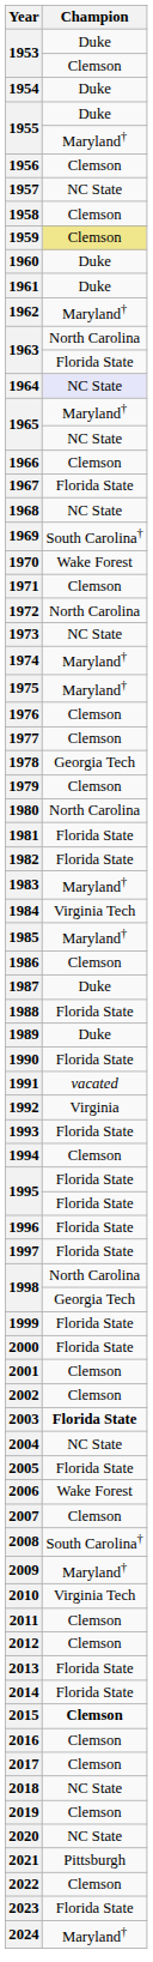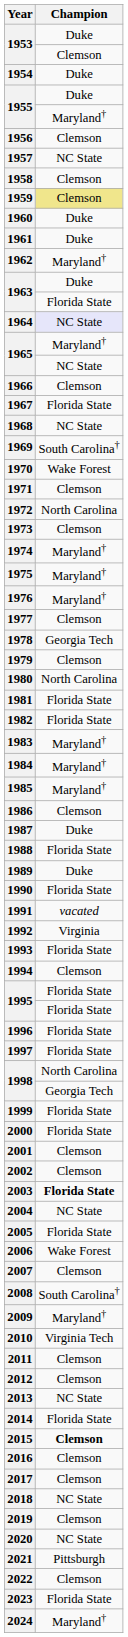 <table class="wikitable" style="text-align: center;">
 <tr>
 <th>Year</th>
 <th>Champion</th>
 </tr>
 <tr>
 <th rowspan="2">1953</th>
 <td>Duke</td>
 </tr>
 <tr>
 <td>Clemson</td>
 </tr>
 <tr>
 <th>1954</th>
 <td>Duke</td>
 </tr>
 <tr>
 <th rowspan="2">1955</th>
 <td>Duke</td>
 </tr>
 <tr>
 <td>Maryland<sup>†</sup></td>
 </tr>
 <tr>
 <th>1956</th>
 <td>Clemson</td>
 </tr>
 <tr>
 <th>1957</th>
 <td>NC State</td>
 </tr>
 <tr>
 <th>1958</th>
 <td>Clemson</td>
 </tr>
 <tr>
 <th>1959</th>
 <td style="background: khaki;">Clemson</td>
 </tr>
 <tr>
 <th>1960</th>
 <td>Duke</td>
 </tr>
 <tr>
 <th>1961</th>
 <td>Duke</td>
 </tr>
 <tr>
 <th>1962</th>
 <td>Maryland<sup>†</sup></td>
 </tr>
 <tr>
 <th rowspan="2">1963</th>
-<td>North Carolina</td>
+<td>Duke</td>
 </tr>
 <tr>
 <td>Florida State</td>
 </tr>
 <tr>
 <th>1964</th>
 <td style="background: lavender;">NC State</td>
 </tr>
 <tr>
 <th rowspan="2">1965</th>
 <td>Maryland<sup>†</sup></td>
 </tr>
 <tr>
 <td>NC State</td>
 </tr>
 <tr>
 <th>1966</th>
 <td>Clemson</td>
 </tr>
 <tr>
 <th>1967</th>
 <td>Florida State</td>
 </tr>
 <tr>
 <th>1968</th>
 <td>NC State</td>
 </tr>
 <tr>
 <th>1969</th>
 <td>South Carolina<sup>†</sup></td>
 </tr>
 <tr>
 <th>1970</th>
 <td>Wake Forest</td>
 </tr>
 <tr>
 <th>1971</th>
 <td>Clemson</td>
 </tr>
 <tr>
 <th>1972</th>
 <td>North Carolina</td>
 </tr>
 <tr>
 <th>1973</th>
-<td>NC State</td>
+<td>Clemson</td>
 </tr>
 <tr>
 <th>1974</th>
 <td>Maryland<sup>†</sup></td>
 </tr>
 <tr>
 <th>1975</th>
 <td>Maryland<sup>†</sup></td>
 </tr>
 <tr>
 <th>1976</th>
-<td>Clemson</td>
+<td>Maryland<sup>†</sup></td>
 </tr>
 <tr>
 <th>1977</th>
 <td>Clemson</td>
 </tr>
 <tr>
 <th>1978</th>
 <td>Georgia Tech</td>
 </tr>
 <tr>
 <th>1979</th>
 <td>Clemson</td>
 </tr>
 <tr>
 <th>1980</th>
 <td>North Carolina</td>
 </tr>
 <tr>
 <th>1981</th>
 <td>Florida State</td>
 </tr>
 <tr>
 <th>1982</th>
 <td>Florida State</td>
 </tr>
 <tr>
 <th>1983</th>
 <td>Maryland<sup>†</sup></td>
 </tr>
 <tr>
 <th>1984</th>
-<td>Virginia Tech</td>
+<td>Maryland<sup>†</sup></td>
 </tr>
 <tr>
 <th>1985</th>
 <td>Maryland<sup>†</sup></td>
 </tr>
 <tr>
 <th>1986</th>
 <td>Clemson</td>
 </tr>
 <tr>
 <th>1987</th>
 <td>Duke</td>
 </tr>
 <tr>
 <th>1988</th>
 <td>Florida State</td>
 </tr>
 <tr>
 <th>1989</th>
 <td>Duke</td>
 </tr>
 <tr>
 <th>1990</th>
 <td>Florida State</td>
 </tr>
 <tr>
 <th>1991</th>
 <td><em>vacated</em></td>
 </tr>
 <tr>
 <th>1992</th>
 <td>Virginia</td>
 </tr>
 <tr>
 <th>1993</th>
 <td>Florida State</td>
 </tr>
 <tr>
 <th>1994</th>
 <td>Clemson</td>
 </tr>
 <tr>
 <th rowspan="2">1995</th>
 <td>Florida State</td>
 </tr>
 <tr>
 <td>Florida State</td>
 </tr>
 <tr>
 <th>1996</th>
 <td>Florida State</td>
 </tr>
 <tr>
 <th>1997</th>
 <td>Florida State</td>
 </tr>
 <tr>
 <th rowspan="2">1998</th>
 <td>North Carolina</td>
 </tr>
 <tr>
 <td>Georgia Tech</td>
 </tr>
 <tr>
 <th>1999</th>
 <td>Florida State</td>
 </tr>
 <tr>
 <th>2000</th>
 <td>Florida State</td>
 </tr>
 <tr>
 <th>2001</th>
 <td>Clemson</td>
 </tr>
 <tr>
 <th>2002</th>
 <td>Clemson</td>
 </tr>
 <tr>
 <th>2003</th>
 <td><strong>Florida State</strong></td>
 </tr>
 <tr>
 <th>2004</th>
 <td>NC State</td>
 </tr>
 <tr>
 <th>2005</th>
 <td>Florida State</td>
 </tr>
 <tr>
 <th>2006</th>
 <td>Wake Forest</td>
 </tr>
 <tr>
 <th>2007</th>
 <td>Clemson</td>
 </tr>
 <tr>
 <th>2008</th>
 <td>South Carolina<sup>†</sup></td>
 </tr>
 <tr>
 <th>2009</th>
 <td>Maryland<sup>†</sup></td>
 </tr>
 <tr>
 <th>2010</th>
 <td>Virginia Tech</td>
 </tr>
 <tr>
 <th>2011</th>
 <td>Clemson</td>
 </tr>
 <tr>
 <th>2012</th>
 <td>Clemson</td>
 </tr>
 <tr>
 <th>2013</th>
-<td>Florida State</td>
+<td>NC State</td>
 </tr>
 <tr>
 <th>2014</th>
 <td>Florida State</td>
 </tr>
 <tr>
 <th>2015</th>
 <td><strong>Clemson</strong></td>
 </tr>
 <tr>
 <th>2016</th>
 <td>Clemson</td>
 </tr>
 <tr>
 <th>2017</th>
 <td>Clemson</td>
 </tr>
 <tr>
 <th>2018</th>
 <td>NC State</td>
 </tr>
 <tr>
 <th>2019</th>
 <td>Clemson</td>
 </tr>
 <tr>
 <th>2020</th>
 <td>NC State</td>
 </tr>
 <tr>
 <th>2021</th>
 <td>Pittsburgh</td>
 </tr>
 <tr>
 <th>2022</th>
 <td>Clemson</td>
 </tr>
 <tr>
 <th>2023</th>
 <td>Florida State</td>
 </tr>
 <tr>
 <th>2024</th>
 <td>Maryland<sup>†</sup></td>
 </tr>
 </table>
